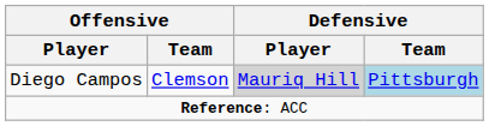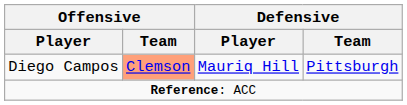 <table class="wikitable">
 <tr>
 <th colspan="2">Offensive</th>
 <th colspan="2">Defensive</th>
 </tr>
 <tr>
 <th>Player</th>
 <th>Team</th>
 <th>Player</th>
 <th>Team</th>
 </tr>
 <tr>
 <td>Diego Campos</td>
-<td><a href='#'>Clemson</a></td>
-<td style="background: lightgrey;"><a href='#'>Mauriq Hill</a></td>
-<td style="background: lightblue;"><a href='#'>Pittsburgh</a></td>
+<td style="background: lightsalmon;"><a href='#'>Clemson</a></td>
+<td><a href='#'>Mauriq Hill</a></td>
+<td><a href='#'>Pittsburgh</a></td>
 </tr>
 <tr>
 <td colspan="12"  style="font-size:8pt; text-align:center;"><strong>Reference</strong>: ACC</td>
 </tr>
 </table>
